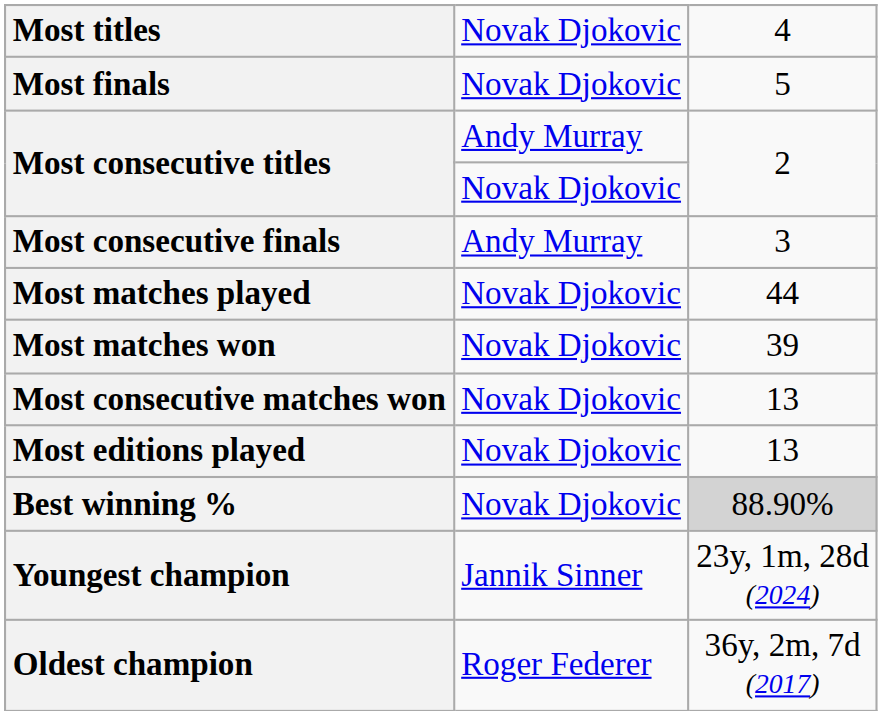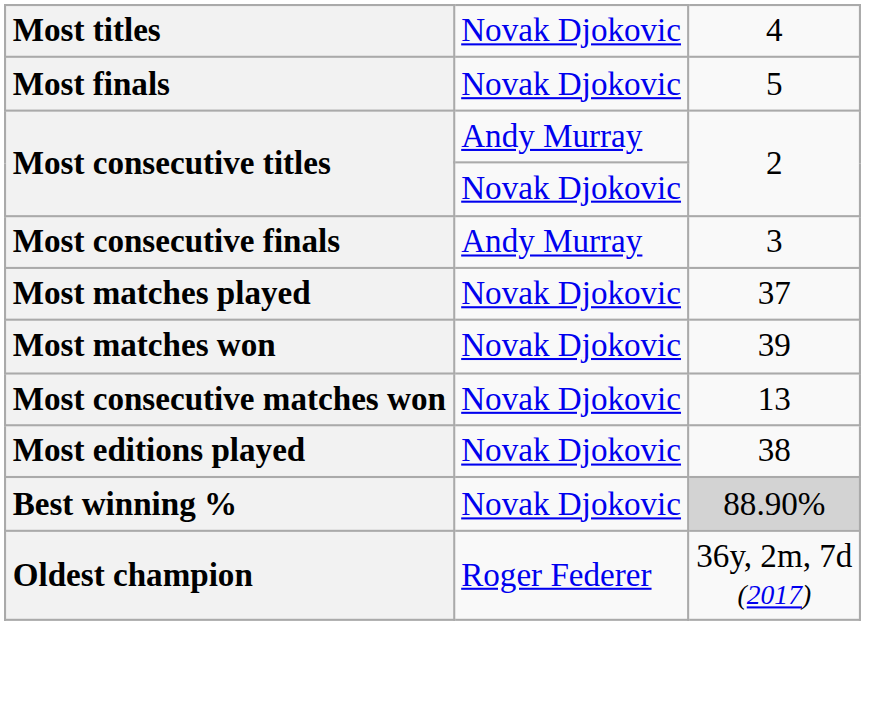 <table class=wikitable>
 <tr>
 <th style="text-align:left;">Most titles</th>
 <td> <a href='#'>Novak Djokovic</a></td>
 <td style="text-align:center;">4</td>
 </tr>
 <tr>
 <th style="text-align:left;">Most finals</th>
 <td> <a href='#'>Novak Djokovic</a></td>
 <td style="text-align:center;">5</td>
 </tr>
 <tr>
 <th rowspan = 2 style="text-align:left;">Most consecutive titles<br> </th>
 <td> <a href='#'>Andy Murray</a><br></td>
 <td rowspan = 2 style="text-align:center;">2</td>
 </tr>
 <tr>
 <td> <a href='#'>Novak Djokovic</a><br></td>
 </tr>
 <tr>
 <th style="text-align:left;">Most consecutive finals<br> </th>
 <td> <a href='#'>Andy Murray</a><br></td>
 <td style="text-align:center;">3</td>
 </tr>
 <tr>
 <th style="text-align:left;">Most matches played</th>
 <td> <a href='#'>Novak Djokovic</a></td>
-<td style="text-align:center;">44</td>
+<td style="text-align:center;">37</td>
 </tr>
 <tr>
 <th style="text-align:left;">Most matches won</th>
 <td> <a href='#'>Novak Djokovic</a></td>
 <td style="text-align:center;">39</td>
 </tr>
 <tr>
 <th style="text-align:left;">Most consecutive matches won</th>
 <td> <a href='#'>Novak Djokovic</a></td>
 <td style="text-align:center;">13</td>
 </tr>
 <tr>
 <th style="text-align:left;">Most editions played</th>
 <td> <a href='#'>Novak Djokovic</a></td>
-<td style="text-align:center;">13</td>
+<td style="text-align:center;">38</td>
 </tr>
 <tr>
 <th style="text-align:left;">Best winning %</th>
 <td> <a href='#'>Novak Djokovic</a></td>
 <td style="background: lightgrey; text-align:center;">88.90%</td>
 </tr>
 <tr>
-<th style="text-align:left;">Youngest champion</th>
-<td> <a href='#'>Jannik Sinner</a></td>
-<td style="text-align:center;">23y, 1m, 28d<br><small><em>(<a href='#'>2024</a>)</em></small></td>
-</tr>
-<tr>
 <th style="text-align:left;">Oldest champion</th>
 <td> <a href='#'>Roger Federer</a></td>
 <td style="text-align:center;">36y, 2m, 7d<br><small><em>(<a href='#'>2017</a>)</em></small></td>
 </tr>
 </table>
